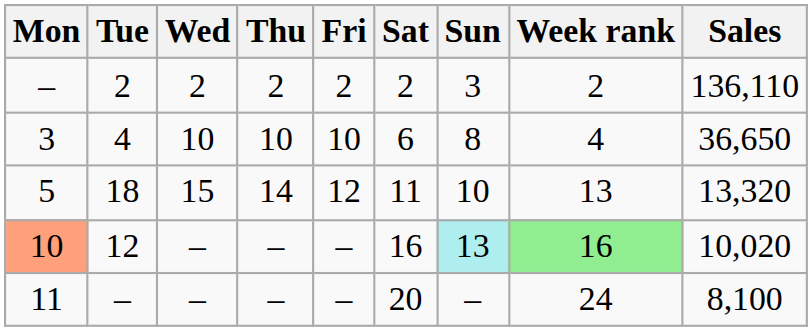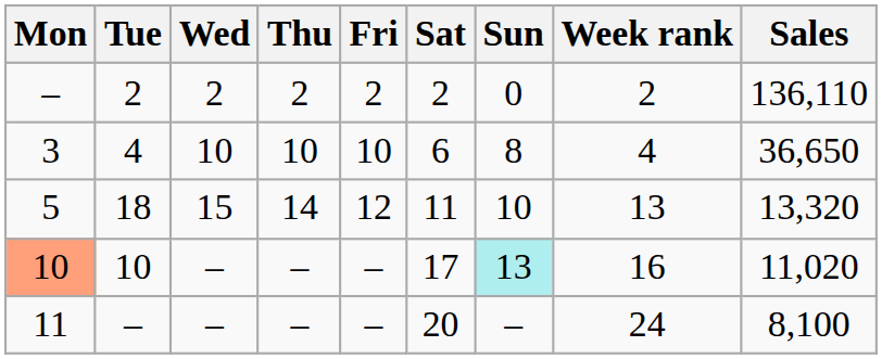 <table class="wikitable" style="text-align:center;">
 <tr>
 <th>Mon</th>
 <th>Tue</th>
 <th>Wed</th>
 <th>Thu</th>
 <th>Fri</th>
 <th>Sat</th>
 <th>Sun</th>
 <th>Week rank</th>
 <th>Sales</th>
 </tr>
 <tr>
 <td>–</td>
 <td>2</td>
 <td>2</td>
 <td>2</td>
 <td>2</td>
 <td>2</td>
-<td>3</td>
+<td>0</td>
 <td>2</td>
 <td>136,110</td>
 </tr>
 <tr>
 <td>3</td>
 <td>4</td>
 <td>10</td>
 <td>10</td>
 <td>10</td>
 <td>6</td>
 <td>8</td>
 <td>4</td>
 <td>36,650</td>
 </tr>
 <tr>
 <td>5</td>
 <td>18</td>
 <td>15</td>
 <td>14</td>
 <td>12</td>
 <td>11</td>
 <td>10</td>
 <td>13</td>
 <td>13,320</td>
 </tr>
 <tr>
 <td style="background: lightsalmon;">10</td>
-<td>12</td>
+<td>10</td>
 <td>–</td>
 <td>–</td>
 <td>–</td>
+<td>17</td>
+<td style="background: paleturquoise;">13</td>
 <td>16</td>
-<td style="background: paleturquoise;">13</td>
-<td style="background: lightgreen;">16</td>
-<td>10,020</td>
+<td>11,020</td>
 </tr>
 <tr>
 <td>11</td>
 <td>–</td>
 <td>–</td>
 <td>–</td>
 <td>–</td>
 <td>20</td>
 <td>–</td>
 <td>24</td>
 <td>8,100</td>
 </tr>
 </table>
